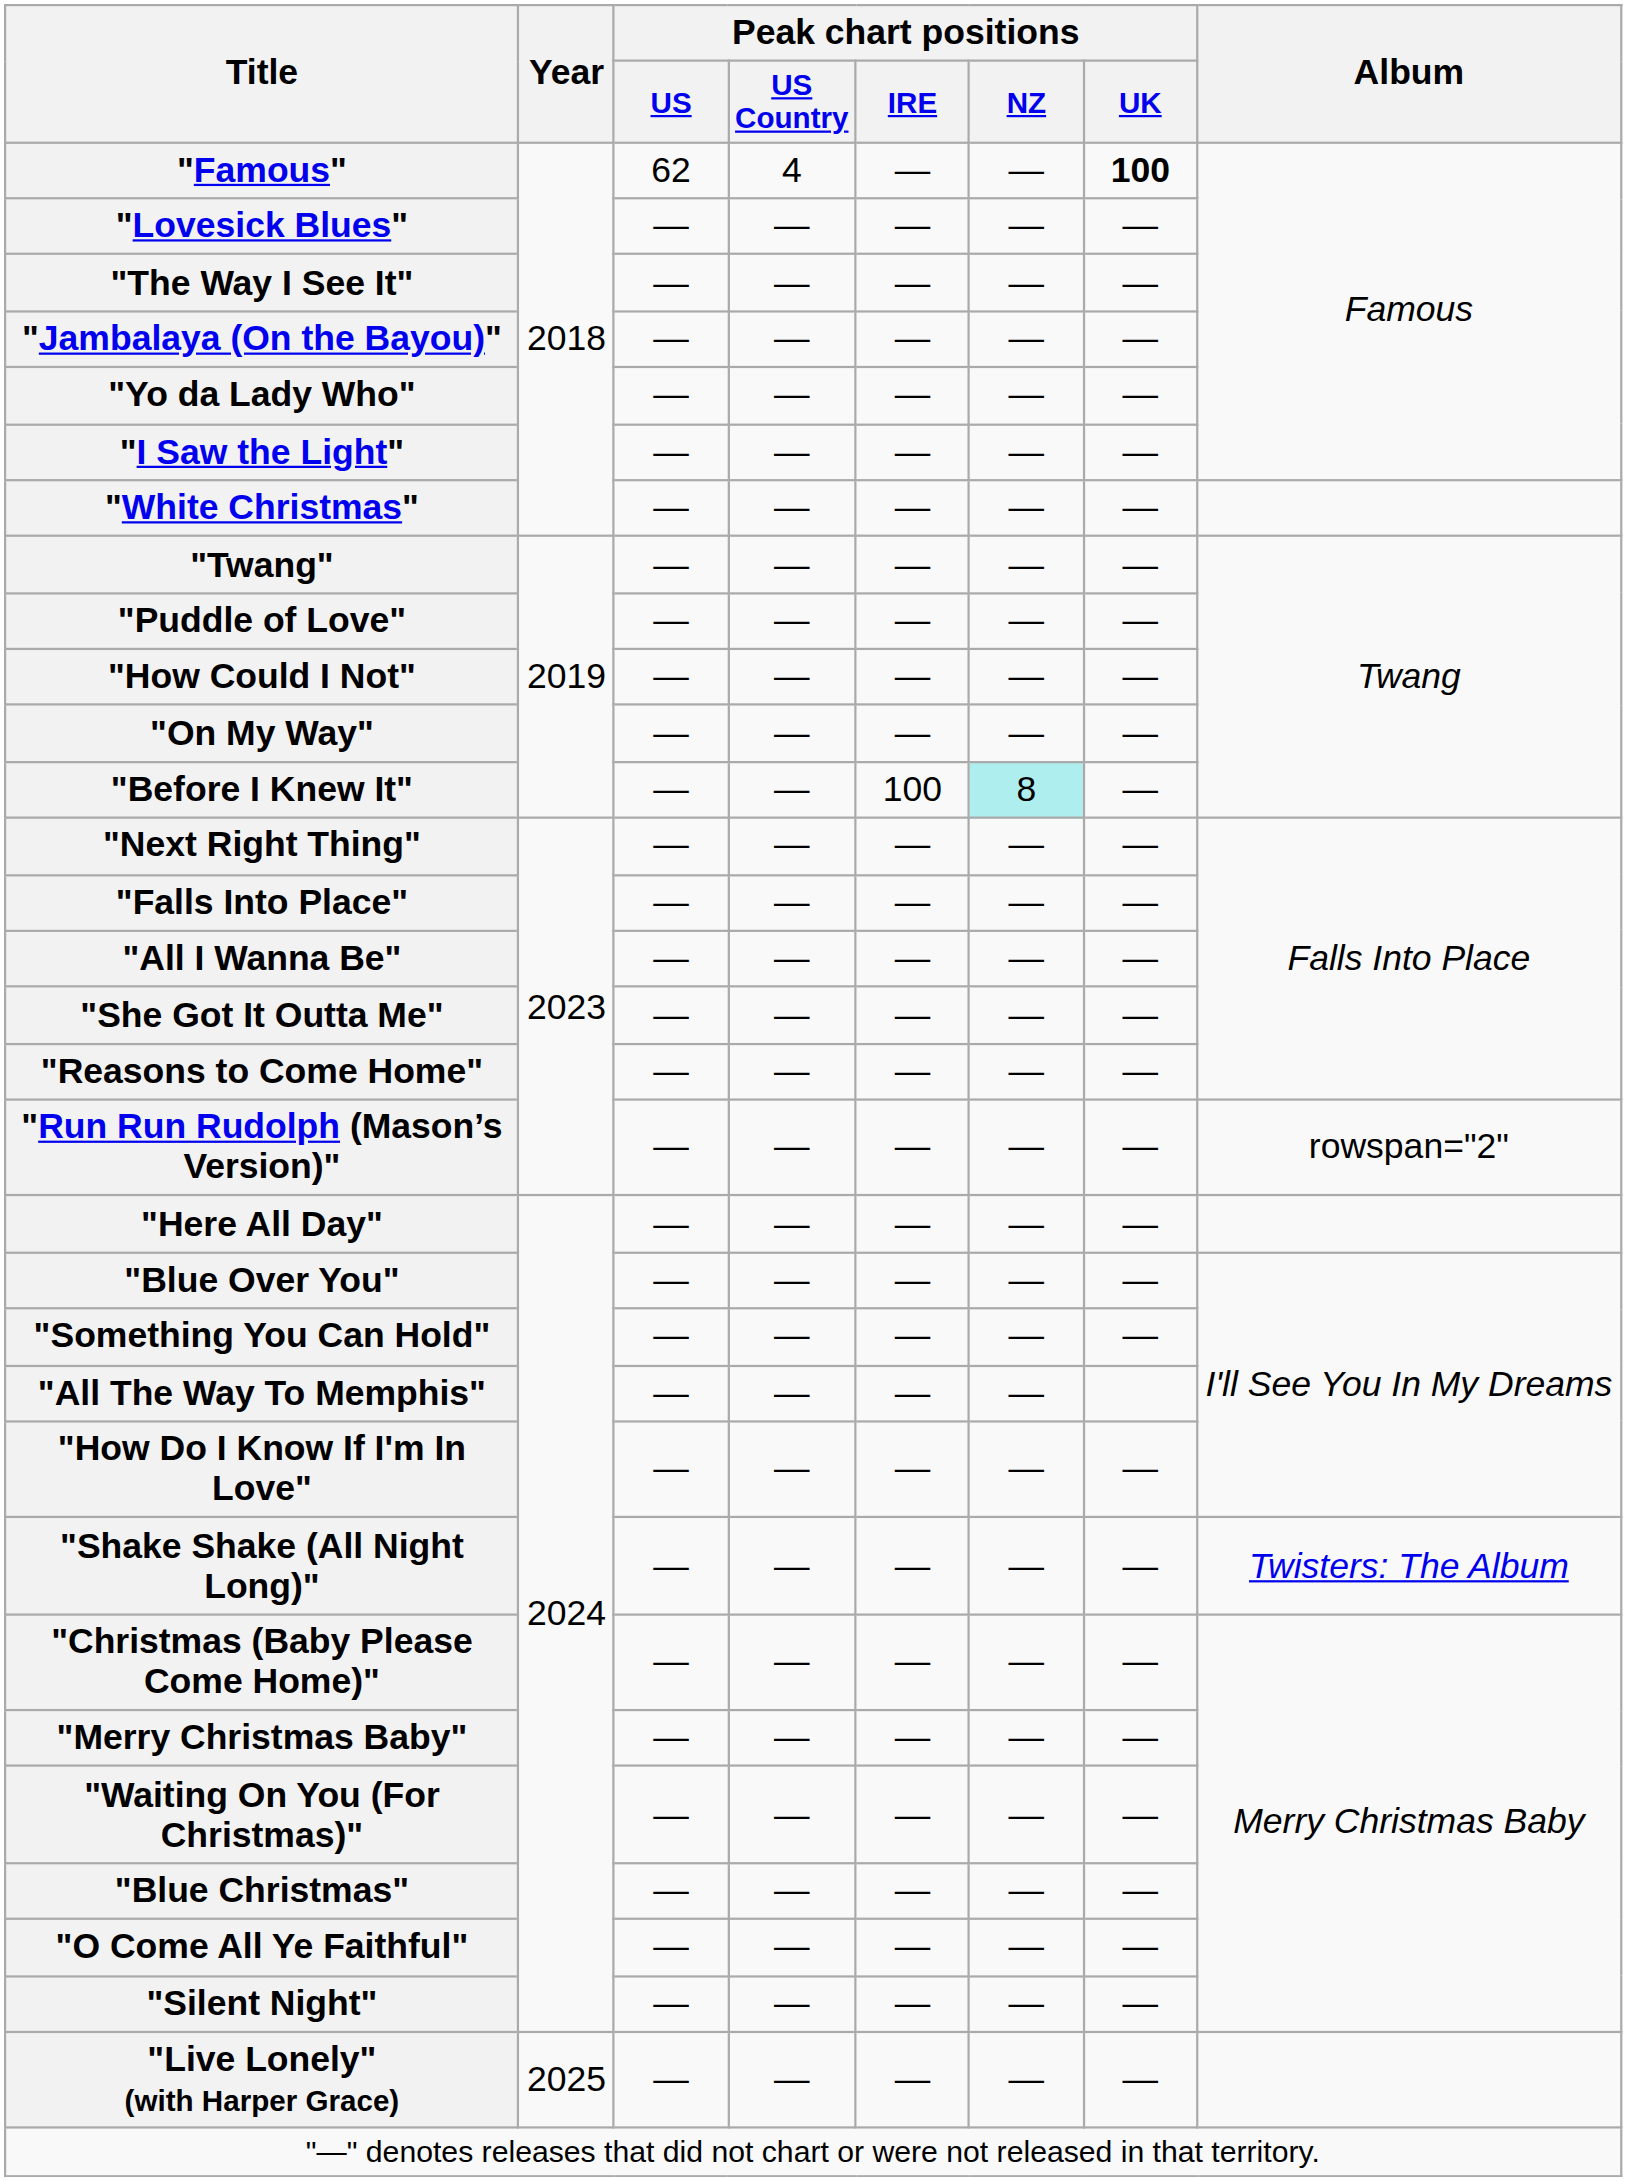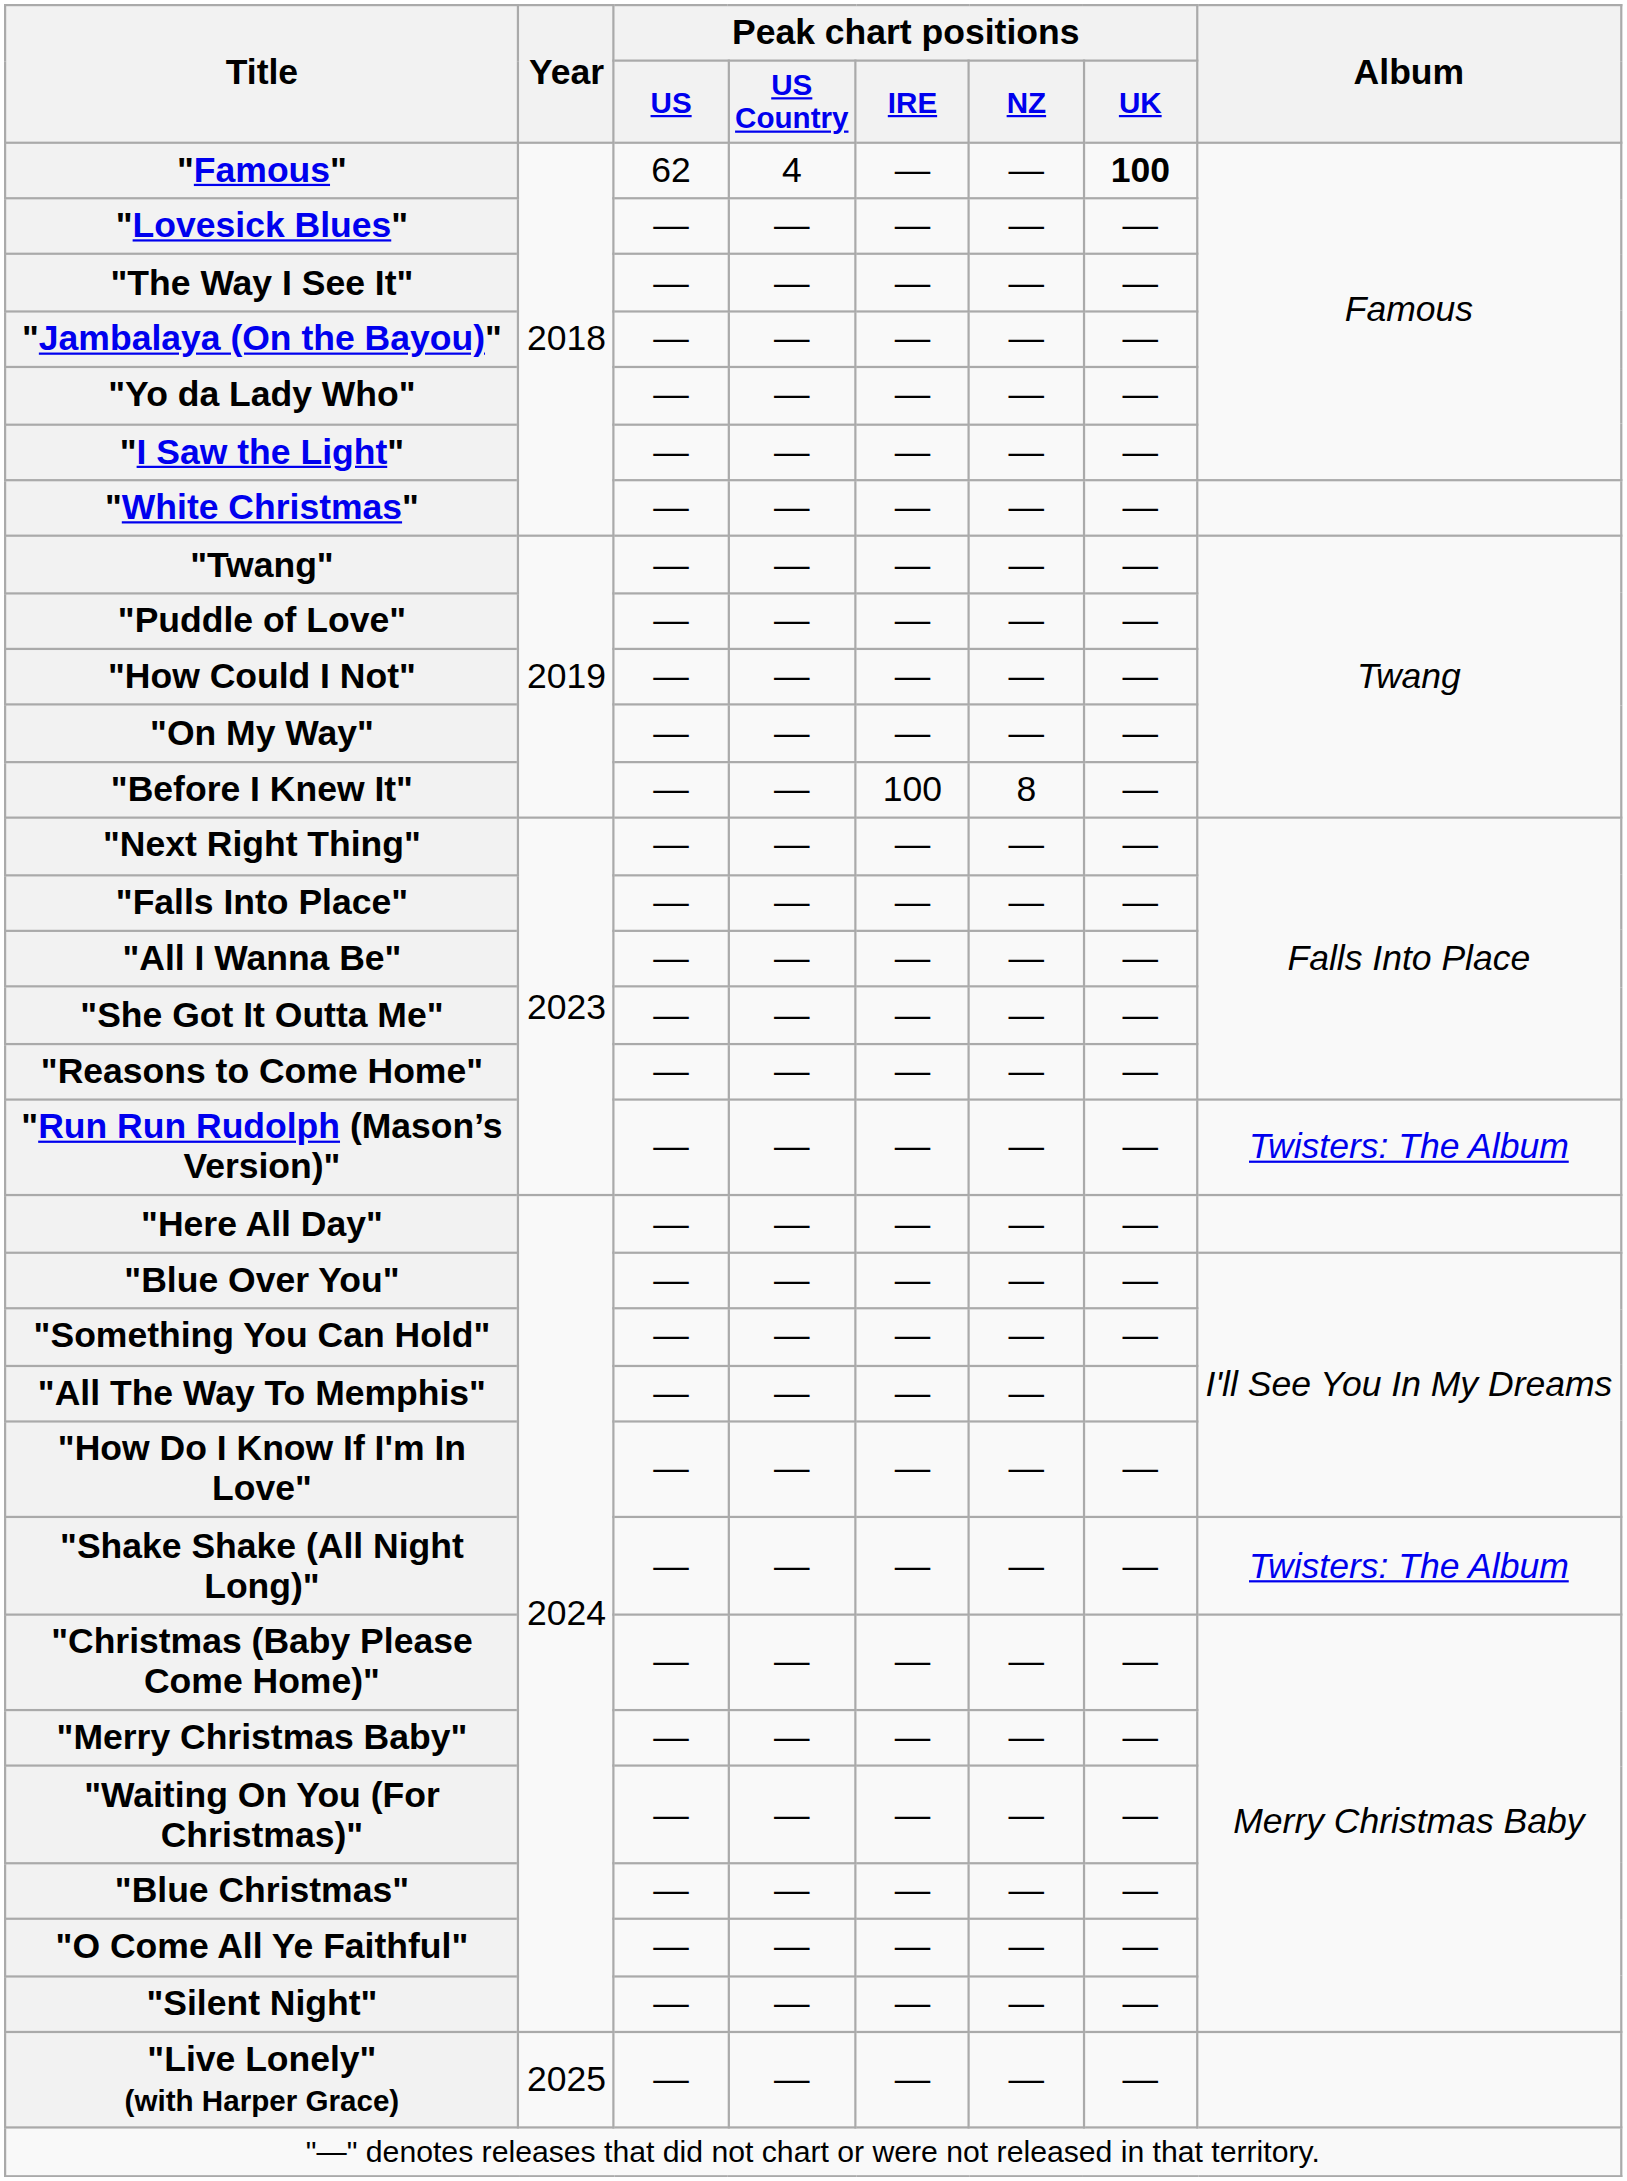 <table class="wikitable plainrowheaders" style="text-align:center;">
 <tr>
 <th rowspan="2" style="width:14em;">Title</th>
 <th rowspan="2">Year</th>
 <th colspan="5">Peak chart positions</th>
 <th rowspan="2">Album</th>
 </tr>
 <tr style="font-size:smaller;">
 <th style="width:45px;"><a href='#'>US</a><br></th>
 <th style="width:45px;"><a href='#'>US Country</a><br></th>
 <th style="width:45px;"><a href='#'>IRE</a><br></th>
 <th style="width:45px;"><a href='#'>NZ</a><br></th>
 <th style="width:45px;"><a href='#'>UK</a><br></th>
 </tr>
 <tr>
 <th scope="row">"<a href='#'>Famous</a>"</th>
 <td rowspan="7">2018</td>
 <td>62</td>
 <td>4</td>
 <td>—</td>
 <td>—</td>
 <td><strong>100</strong></td>
 <td rowspan="6"><em>Famous</em></td>
 </tr>
 <tr>
 <th scope="row">"<a href='#'>Lovesick Blues</a>"</th>
 <td>—</td>
 <td>—</td>
 <td>—</td>
 <td>—</td>
 <td>—</td>
 </tr>
 <tr>
 <th scope="row">"The Way I See It"</th>
 <td>—</td>
 <td>—</td>
 <td>—</td>
 <td>—</td>
 <td>—</td>
 </tr>
 <tr>
 <th scope="row">"<a href='#'>Jambalaya (On the Bayou)</a>"</th>
 <td>—</td>
 <td>—</td>
 <td>—</td>
 <td>—</td>
 <td>—</td>
 </tr>
 <tr>
 <th scope="row">"Yo da Lady Who"</th>
 <td>—</td>
 <td>—</td>
 <td>—</td>
 <td>—</td>
 <td>—</td>
 </tr>
 <tr>
 <th scope="row">"<a href='#'>I Saw the Light</a>"</th>
 <td>—</td>
 <td>—</td>
 <td>—</td>
 <td>—</td>
 <td>—</td>
 </tr>
 <tr>
 <th scope="row">"<a href='#'>White Christmas</a>"</th>
 <td>—</td>
 <td>—</td>
 <td>—</td>
 <td>—</td>
 <td>—</td>
 <td></td>
 </tr>
 <tr>
 <th scope="row">"Twang"</th>
 <td rowspan="5">2019</td>
 <td>—</td>
 <td>—</td>
 <td>—</td>
 <td>—</td>
 <td>—</td>
 <td rowspan="5"><em>Twang</em></td>
 </tr>
 <tr>
 <th scope="row">"Puddle of Love"</th>
 <td>—</td>
 <td>—</td>
 <td>—</td>
 <td>—</td>
 <td>—</td>
 </tr>
 <tr>
 <th scope="row">"How Could I Not"</th>
 <td>—</td>
 <td>—</td>
 <td>—</td>
 <td>—</td>
 <td>—</td>
 </tr>
 <tr>
 <th scope="row">"On My Way"</th>
 <td>—</td>
 <td>—</td>
 <td>—</td>
 <td>—</td>
 <td>—</td>
 </tr>
 <tr>
 <th scope="row">"Before I Knew It"</th>
 <td>—</td>
 <td>—</td>
 <td>100</td>
-<td style="background: paleturquoise;">8</td>
+<td>8</td>
 <td>—</td>
 </tr>
 <tr>
 <th scope="row">"Next Right Thing"</th>
 <td rowspan="6">2023</td>
 <td>—</td>
 <td>—</td>
 <td>—</td>
 <td>—</td>
 <td>—</td>
 <td rowspan="5"><em>Falls Into Place</em></td>
 </tr>
 <tr>
 <th scope="row">"Falls Into Place"</th>
 <td>—</td>
 <td>—</td>
 <td>—</td>
 <td>—</td>
 <td>—</td>
 </tr>
 <tr>
 <th scope="row">"All I Wanna Be"</th>
 <td>—</td>
 <td>—</td>
 <td>—</td>
 <td>—</td>
 <td>—</td>
 </tr>
 <tr>
 <th scope="row">"She Got It Outta Me"</th>
 <td>—</td>
 <td>—</td>
 <td>—</td>
 <td>—</td>
 <td>—</td>
 </tr>
 <tr>
 <th scope="row">"Reasons to Come Home"</th>
 <td>—</td>
 <td>—</td>
 <td>—</td>
 <td>—</td>
 <td>—</td>
 </tr>
 <tr>
 <th scope="row">"<a href='#'>Run Run Rudolph</a> (Mason’s Version)"</th>
 <td>—</td>
 <td>—</td>
 <td>—</td>
 <td>—</td>
 <td>—</td>
-<td>rowspan="2" </td>
+<td><em><a href='#'>Twisters: The Album</a></em></td>
 </tr>
 <tr>
 <th scope="row">"Here All Day"</th>
 <td rowspan="12">2024</td>
 <td>—</td>
 <td>—</td>
 <td>—</td>
 <td>—</td>
 <td>—</td>
 </tr>
 <tr>
 <th scope="row">"Blue Over You"</th>
 <td>—</td>
 <td>—</td>
 <td>—</td>
 <td>—</td>
 <td>—</td>
 <td rowspan="4"><em>I'll See You In My Dreams</em></td>
 </tr>
 <tr>
 <th scope="row">"Something You Can Hold"</th>
 <td>—</td>
 <td>—</td>
 <td>—</td>
 <td>—</td>
 <td>—</td>
 </tr>
 <tr>
 <th scope="row">"All The Way To Memphis"</th>
 <td>—</td>
 <td>—</td>
 <td>—</td>
 <td>—</td>
 </tr>
 <tr>
 <th scope="row">"How Do I Know If I'm In Love"</th>
 <td>—</td>
 <td>—</td>
 <td>—</td>
 <td>—</td>
 <td>—</td>
 </tr>
 <tr>
 <th scope="row">"Shake Shake (All Night Long)"</th>
 <td>—</td>
 <td>—</td>
 <td>—</td>
 <td>—</td>
 <td>—</td>
 <td><em><a href='#'>Twisters: The Album</a></em></td>
 </tr>
 <tr>
 <th scope="row">"Christmas (Baby Please Come Home)"</th>
 <td>—</td>
 <td>—</td>
 <td>—</td>
 <td>—</td>
 <td>—</td>
 <td rowspan="6"><em>Merry Christmas Baby</em></td>
 </tr>
 <tr>
 <th scope="row">"Merry Christmas Baby"</th>
 <td>—</td>
 <td>—</td>
 <td>—</td>
 <td>—</td>
 <td>—</td>
 </tr>
 <tr>
 <th scope="row">"Waiting On You (For Christmas)"</th>
 <td>—</td>
 <td>—</td>
 <td>—</td>
 <td>—</td>
 <td>—</td>
 </tr>
 <tr>
 <th scope="row">"Blue Christmas"</th>
 <td>—</td>
 <td>—</td>
 <td>—</td>
 <td>—</td>
 <td>—</td>
 </tr>
 <tr>
 <th scope="row">"O Come All Ye Faithful"</th>
 <td>—</td>
 <td>—</td>
 <td>—</td>
 <td>—</td>
 <td>—</td>
 </tr>
 <tr>
 <th scope="row">"Silent Night"</th>
 <td>—</td>
 <td>—</td>
 <td>—</td>
 <td>—</td>
 <td>—</td>
 </tr>
 <tr>
 <th scope="row">"Live Lonely"<br><small>(with Harper Grace)</small></th>
 <td>2025</td>
 <td>—</td>
 <td>—</td>
 <td>—</td>
 <td>—</td>
 <td>—</td>
 <td></td>
 </tr>
 <tr>
 <td colspan="8" style="font-size:85%">"—" denotes releases that did not chart or were not released in that territory.</td>
 </tr>
 </table>
